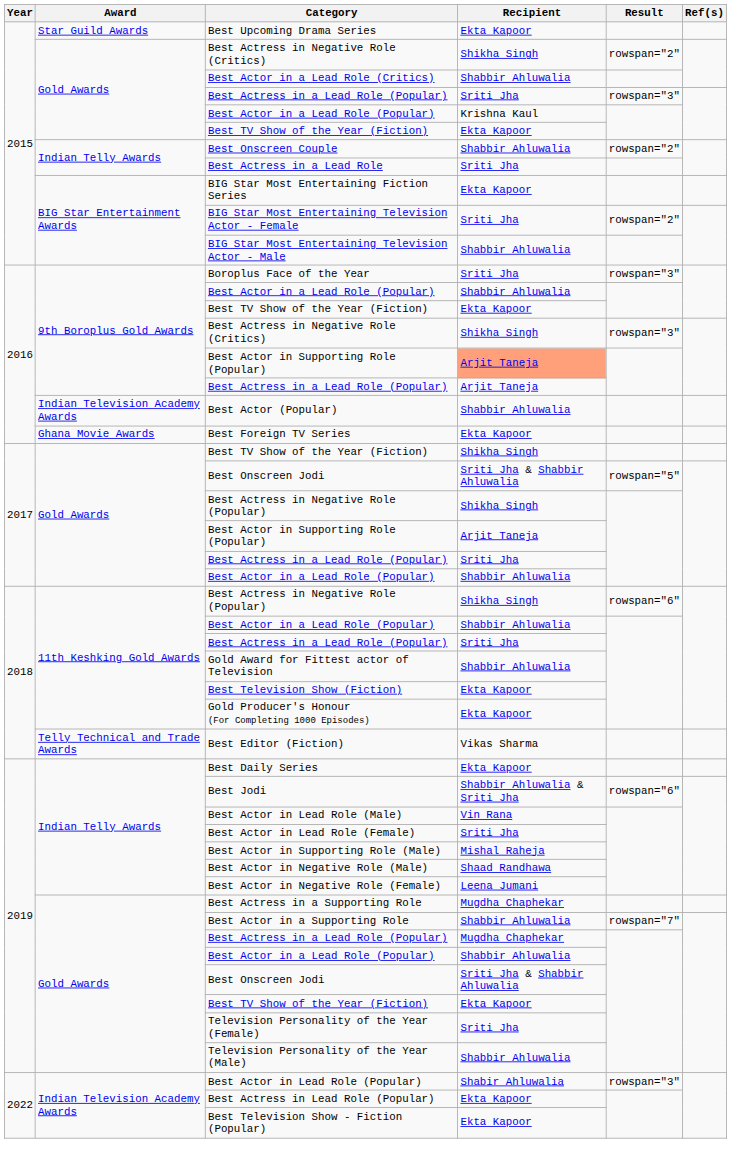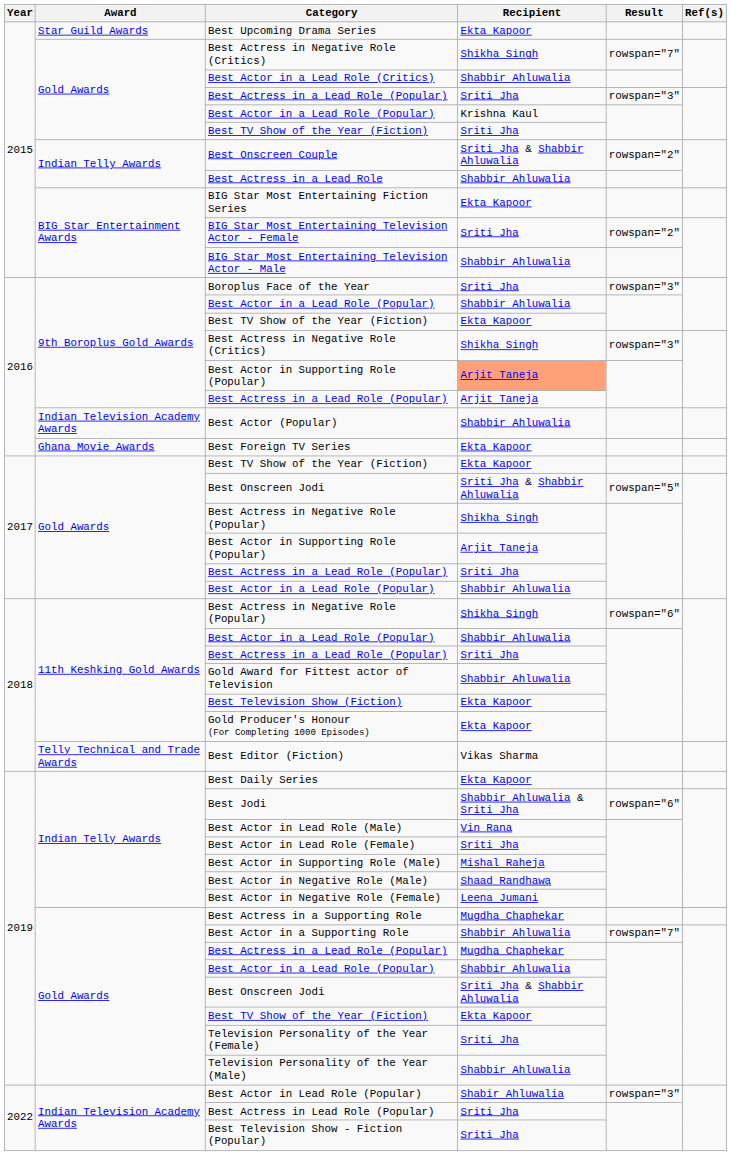 <table class="wikitable">
 <tr>
 <th>Year</th>
 <th>Award</th>
 <th>Category</th>
 <th>Recipient</th>
 <th>Result</th>
 <th>Ref(s)</th>
 </tr>
 <tr>
 <td rowspan="11">2015</td>
 <td><a href='#'>Star Guild Awards</a></td>
 <td>Best Upcoming Drama Series</td>
 <td><a href='#'>Ekta Kapoor</a></td>
 <td></td>
 <td></td>
 </tr>
 <tr>
 <td rowspan="5"><a href='#'>Gold Awards</a></td>
 <td>Best Actress in Negative Role (Critics)</td>
 <td><a href='#'>Shikha Singh</a></td>
-<td>rowspan="2" </td>
+<td>rowspan="7" </td>
 <td rowspan="2"></td>
 </tr>
 <tr>
 <td><a href='#'>Best Actor in a Lead Role (Critics)</a></td>
 <td><a href='#'>Shabbir Ahluwalia</a></td>
 </tr>
 <tr>
 <td><a href='#'>Best Actress in a Lead Role (Popular)</a></td>
 <td><a href='#'>Sriti Jha</a></td>
 <td>rowspan="3" </td>
 <td rowspan="3"></td>
 </tr>
 <tr>
 <td><a href='#'>Best Actor in a Lead Role (Popular)</a></td>
 <td>Krishna Kaul</td>
 </tr>
 <tr>
 <td><a href='#'>Best TV Show of the Year (Fiction)</a></td>
-<td><a href='#'>Ekta Kapoor</a></td>
+<td><a href='#'>Sriti Jha</a></td>
 </tr>
 <tr>
 <td rowspan="2"><a href='#'>Indian Telly Awards</a></td>
 <td><a href='#'>Best Onscreen Couple</a></td>
-<td><a href='#'>Shabbir Ahluwalia</a></td>
+<td><a href='#'>Sriti Jha</a> & <a href='#'>Shabbir Ahluwalia</a></td>
 <td>rowspan="2" </td>
 <td rowspan="2"></td>
 </tr>
 <tr>
 <td><a href='#'>Best Actress in a Lead Role</a></td>
-<td><a href='#'>Sriti Jha</a></td>
+<td><a href='#'>Shabbir Ahluwalia</a></td>
 </tr>
 <tr>
 <td rowspan="3"><a href='#'>BIG Star Entertainment Awards</a></td>
 <td>BIG Star Most Entertaining Fiction Series</td>
 <td><a href='#'>Ekta Kapoor</a></td>
 <td></td>
 <td></td>
 </tr>
 <tr>
 <td><a href='#'>BIG Star Most Entertaining Television Actor - Female</a></td>
 <td><a href='#'>Sriti Jha</a></td>
 <td>rowspan="2" </td>
 <td rowspan="2"></td>
 </tr>
 <tr>
 <td><a href='#'>BIG Star Most Entertaining Television Actor - Male</a></td>
 <td><a href='#'>Shabbir Ahluwalia</a></td>
 </tr>
 <tr>
 <td rowspan="8">2016</td>
 <td rowspan="6"><a href='#'>9th Boroplus Gold Awards</a></td>
 <td>Boroplus Face of the Year</td>
 <td><a href='#'>Sriti Jha</a></td>
 <td>rowspan="3" </td>
 <td rowspan="3"></td>
 </tr>
 <tr>
 <td><a href='#'>Best Actor in a Lead Role (Popular)</a></td>
 <td><a href='#'>Shabbir Ahluwalia</a></td>
 </tr>
 <tr>
 <td>Best TV Show of the Year (Fiction)</td>
 <td><a href='#'>Ekta Kapoor</a></td>
 </tr>
 <tr>
 <td>Best Actress in Negative Role (Critics)</td>
 <td><a href='#'>Shikha Singh</a></td>
 <td>rowspan="3" </td>
 <td rowspan="3"></td>
 </tr>
 <tr>
 <td>Best Actor in Supporting Role (Popular)</td>
 <td style="background: lightsalmon;"><a href='#'>Arjit Taneja</a></td>
 </tr>
 <tr>
 <td><a href='#'>Best Actress in a Lead Role (Popular)</a></td>
 <td><a href='#'>Arjit Taneja</a></td>
 </tr>
 <tr>
 <td><a href='#'>Indian Television Academy Awards</a></td>
 <td>Best Actor (Popular)</td>
 <td><a href='#'>Shabbir Ahluwalia</a></td>
 <td></td>
 <td></td>
 </tr>
 <tr>
 <td><a href='#'>Ghana Movie Awards</a></td>
 <td>Best Foreign TV Series</td>
 <td><a href='#'>Ekta Kapoor</a></td>
 <td></td>
 <td></td>
 </tr>
 <tr>
 <td rowspan="6">2017</td>
 <td rowspan="6"><a href='#'>Gold Awards</a></td>
 <td>Best TV Show of the Year (Fiction)</td>
-<td><a href='#'>Shikha Singh</a></td>
+<td><a href='#'>Ekta Kapoor</a></td>
 <td></td>
 <td></td>
 </tr>
 <tr>
 <td>Best Onscreen Jodi</td>
 <td><a href='#'>Sriti Jha</a> & <a href='#'>Shabbir Ahluwalia</a></td>
 <td>rowspan="5" </td>
 <td rowspan="5"></td>
 </tr>
 <tr>
 <td>Best Actress in Negative Role (Popular)</td>
 <td><a href='#'>Shikha Singh</a></td>
 </tr>
 <tr>
 <td>Best Actor in Supporting Role (Popular)</td>
 <td><a href='#'>Arjit Taneja</a></td>
 </tr>
 <tr>
 <td><a href='#'>Best Actress in a Lead Role (Popular)</a></td>
 <td><a href='#'>Sriti Jha</a></td>
 </tr>
 <tr>
 <td><a href='#'>Best Actor in a Lead Role (Popular)</a></td>
 <td><a href='#'>Shabbir Ahluwalia</a></td>
 </tr>
 <tr>
 <td rowspan="7">2018</td>
 <td rowspan="6"><a href='#'>11th Keshking Gold Awards</a></td>
 <td>Best Actress in Negative Role (Popular)</td>
 <td><a href='#'>Shikha Singh</a></td>
 <td>rowspan="6" </td>
 <td rowspan="6"></td>
 </tr>
 <tr>
 <td><a href='#'>Best Actor in a Lead Role (Popular)</a></td>
 <td><a href='#'>Shabbir Ahluwalia</a></td>
 </tr>
 <tr>
 <td><a href='#'>Best Actress in a Lead Role (Popular)</a></td>
 <td><a href='#'>Sriti Jha</a></td>
 </tr>
 <tr>
 <td>Gold Award for Fittest actor of Television</td>
 <td><a href='#'>Shabbir Ahluwalia</a></td>
 </tr>
 <tr>
 <td><a href='#'>Best Television Show (Fiction)</a></td>
 <td><a href='#'>Ekta Kapoor</a></td>
 </tr>
 <tr>
 <td>Gold Producer's Honour<br><small>(For Completing 1000 Episodes)</small><br></td>
 <td><a href='#'>Ekta Kapoor</a></td>
 </tr>
 <tr>
 <td><a href='#'>Telly Technical and Trade Awards</a></td>
 <td>Best Editor (Fiction)</td>
 <td>Vikas Sharma</td>
 <td></td>
 <td></td>
 </tr>
 <tr>
 <td rowspan="15">2019</td>
 <td rowspan="7"><a href='#'>Indian Telly Awards</a></td>
 <td>Best Daily Series</td>
 <td><a href='#'>Ekta Kapoor</a></td>
 <td></td>
 <td></td>
 </tr>
 <tr>
 <td>Best Jodi</td>
 <td><a href='#'>Shabbir Ahluwalia</a> & <a href='#'>Sriti Jha</a></td>
 <td>rowspan="6" </td>
 <td rowspan="6"></td>
 </tr>
 <tr>
 <td>Best Actor in Lead Role (Male)</td>
 <td><a href='#'>Vin Rana</a></td>
 </tr>
 <tr>
 <td>Best Actor in Lead Role (Female)</td>
 <td><a href='#'>Sriti Jha</a></td>
 </tr>
 <tr>
 <td>Best Actor in Supporting Role (Male)</td>
 <td><a href='#'>Mishal Raheja</a></td>
 </tr>
 <tr>
 <td>Best Actor in Negative Role (Male)</td>
 <td><a href='#'>Shaad Randhawa</a></td>
 </tr>
 <tr>
 <td>Best Actor in Negative Role (Female)</td>
 <td><a href='#'>Leena Jumani</a></td>
 </tr>
 <tr>
 <td rowspan="8"><a href='#'>Gold Awards</a></td>
 <td>Best Actress in a Supporting Role</td>
 <td><a href='#'>Mugdha Chaphekar</a></td>
 <td></td>
 <td></td>
 </tr>
 <tr>
 <td>Best Actor in a Supporting Role</td>
 <td><a href='#'>Shabbir Ahluwalia</a></td>
 <td>rowspan="7" </td>
 <td rowspan="7"></td>
 </tr>
 <tr>
 <td><a href='#'>Best Actress in a Lead Role (Popular)</a></td>
 <td><a href='#'>Mugdha Chaphekar</a></td>
 </tr>
 <tr>
 <td><a href='#'>Best Actor in a Lead Role (Popular)</a></td>
 <td><a href='#'>Shabbir Ahluwalia</a></td>
 </tr>
 <tr>
 <td>Best Onscreen Jodi</td>
 <td><a href='#'>Sriti Jha</a> & <a href='#'>Shabbir Ahluwalia</a></td>
 </tr>
 <tr>
 <td><a href='#'>Best TV Show of the Year (Fiction)</a></td>
 <td><a href='#'>Ekta Kapoor</a></td>
 </tr>
 <tr>
 <td>Television Personality of the Year (Female)</td>
 <td><a href='#'>Sriti Jha</a></td>
 </tr>
 <tr>
 <td>Television Personality of the Year (Male)</td>
 <td><a href='#'>Shabbir Ahluwalia</a></td>
 </tr>
 <tr>
 <td rowspan="3">2022</td>
 <td rowspan="3"><a href='#'>Indian Television Academy Awards</a></td>
 <td>Best Actor in Lead Role (Popular)</td>
 <td><a href='#'>Shabir Ahluwalia</a></td>
 <td>rowspan="3" </td>
 <td rowspan="3"></td>
 </tr>
 <tr>
 <td>Best Actress in Lead Role (Popular)</td>
-<td><a href='#'>Ekta Kapoor</a></td>
+<td><a href='#'>Sriti Jha</a></td>
 </tr>
 <tr>
 <td>Best Television Show - Fiction (Popular)</td>
-<td><a href='#'>Ekta Kapoor</a></td>
+<td><a href='#'>Sriti Jha</a></td>
 </tr>
 </table>
